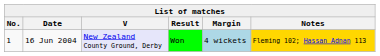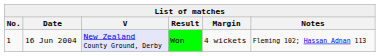 <table class="wikitable" style="width:70%;">
 <tr>
 <th style="background:#efefef;" colspan="6">List of matches</th>
 </tr>
 <tr style="background:#efefef;">
 <th>No.</th>
 <th>Date</th>
 <th>V</th>
 <th>Result</th>
 <th>Margin</th>
 <th>Notes</th>
 </tr>
 <tr>
 <td>1</td>
 <td>16 Jun 2004</td>
 <td style="background: lavender;"><a href='#'>New Zealand</a>  <br><small> County Ground, Derby</small></td>
 <td style="background:#0f0;">Won</td>
-<td style="background: lightblue;">4 wickets</td>
-<td style="background: gold;"><small> Fleming 102; <a href='#'>Hassan Adnan</a> 113 </small></td>
+<td>4 wickets</td>
+<td><small> Fleming 102; <a href='#'>Hassan Adnan</a> 113 </small></td>
 </tr>
 </table>
